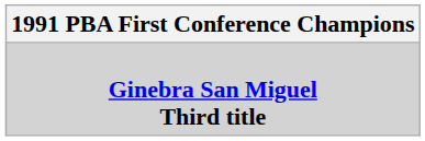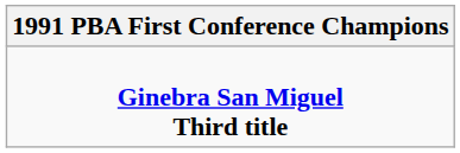 <table class=wikitable style="text-align:center; margin:auto">
 <tr>
 <th>1991 PBA First Conference Champions</th>
 </tr>
 <tr>
-<td style="background: lightgrey;"><br> <strong><a href='#'>Ginebra San Miguel</a></strong> <br> <strong>Third title</strong></td>
+<td><br> <strong><a href='#'>Ginebra San Miguel</a></strong> <br> <strong>Third title</strong></td>
 </tr>
 </table>
